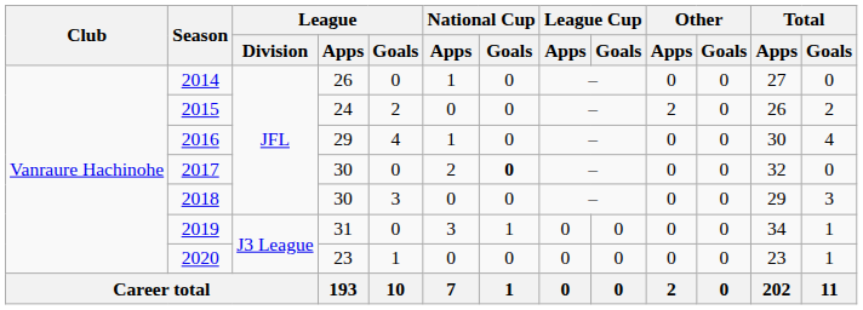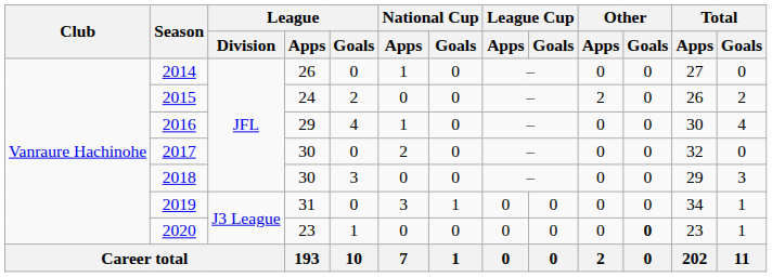 <table class="wikitable" style="text-align: center">
 <tr>
 <th rowspan="2">Club</th>
 <th rowspan="2">Season</th>
 <th colspan="3">League</th>
 <th colspan="2">National Cup</th>
 <th colspan="2">League Cup</th>
 <th colspan="2">Other</th>
 <th colspan="2">Total</th>
 </tr>
 <tr>
 <th>Division</th>
 <th>Apps</th>
 <th>Goals</th>
 <th>Apps</th>
 <th>Goals</th>
 <th>Apps</th>
 <th>Goals</th>
 <th>Apps</th>
 <th>Goals</th>
 <th>Apps</th>
 <th>Goals</th>
 </tr>
 <tr>
 <td rowspan="7"><a href='#'>Vanraure Hachinohe</a></td>
 <td><a href='#'>2014</a></td>
 <td rowspan="5"><a href='#'>JFL</a></td>
 <td>26</td>
 <td>0</td>
 <td>1</td>
 <td>0</td>
 <td colspan="2">–</td>
 <td>0</td>
 <td>0</td>
 <td>27</td>
 <td>0</td>
 </tr>
 <tr>
 <td><a href='#'>2015</a></td>
 <td>24</td>
 <td>2</td>
 <td>0</td>
 <td>0</td>
 <td colspan="2">–</td>
 <td>2</td>
 <td>0</td>
 <td>26</td>
 <td>2</td>
 </tr>
 <tr>
 <td><a href='#'>2016</a></td>
 <td>29</td>
 <td>4</td>
 <td>1</td>
 <td>0</td>
 <td colspan="2">–</td>
 <td>0</td>
 <td>0</td>
 <td>30</td>
 <td>4</td>
 </tr>
 <tr>
 <td><a href='#'>2017</a></td>
 <td>30</td>
 <td>0</td>
 <td>2</td>
-<td><strong>0</strong></td>
+<td>0</td>
 <td colspan="2">–</td>
 <td>0</td>
 <td>0</td>
 <td>32</td>
 <td>0</td>
 </tr>
 <tr>
 <td><a href='#'>2018</a></td>
 <td>30</td>
 <td>3</td>
 <td>0</td>
 <td>0</td>
 <td colspan="2">–</td>
 <td>0</td>
 <td>0</td>
 <td>29</td>
 <td>3</td>
 </tr>
 <tr>
 <td><a href='#'>2019</a></td>
 <td rowspan="2"><a href='#'>J3 League</a></td>
 <td>31</td>
 <td>0</td>
 <td>3</td>
 <td>1</td>
 <td>0</td>
 <td>0</td>
 <td>0</td>
 <td>0</td>
 <td>34</td>
 <td>1</td>
 </tr>
 <tr>
 <td><a href='#'>2020</a></td>
 <td>23</td>
 <td>1</td>
 <td>0</td>
 <td>0</td>
 <td>0</td>
 <td>0</td>
 <td>0</td>
-<td>0</td>
+<td><strong>0</strong></td>
 <td>23</td>
 <td>1</td>
 </tr>
 <tr>
 <th colspan=3>Career total</th>
 <th>193</th>
 <th>10</th>
 <th>7</th>
 <th>1</th>
 <th>0</th>
 <th>0</th>
 <th>2</th>
 <th>0</th>
 <th>202</th>
 <th>11</th>
 </tr>
 </table>
